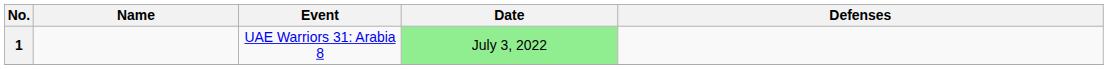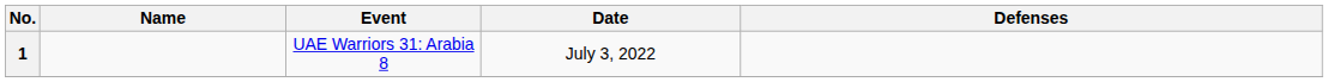 <table class="wikitable" width=100%>
 <tr>
 <th width=1%>No.</th>
 <th width=19%>Name</th>
 <th width=15%>Event</th>
 <th width=20%>Date</th>
 <th width=45%>Defenses</th>
 </tr>
 <tr>
 <th>1</th>
 <td align=left><br></td>
 <td align=center><a href='#'>UAE Warriors 31: Arabia 8</a> <br></td>
-<td align=center style="background: lightgreen;">July 3, 2022</td>
+<td align=center>July 3, 2022</td>
 <td></td>
 </tr>
 <tr>
 </tr>
 </table>
